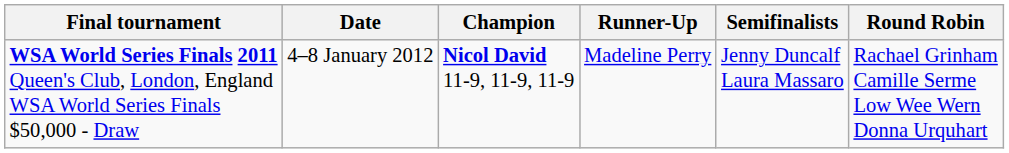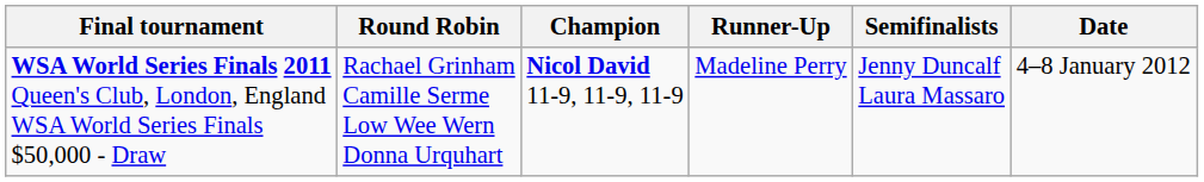 <table class="wikitable" style="font-size:88%">
 <tr>
 <th>Final tournament</th>
-<th>Date</th>
+<th>Round Robin</th>
 <th>Champion</th>
 <th>Runner-Up</th>
 <th>Semifinalists</th>
-<th>Round Robin</th>
+<th>Date</th>
 </tr>
 <tr valign=top>
 <td><strong><a href='#'>WSA World Series Finals</a> <a href='#'>2011</a></strong><br> <a href='#'>Queen's Club</a>, <a href='#'>London</a>, England<br><a href='#'>WSA World Series Finals</a><br>$50,000 - <a href='#'>Draw</a></td>
-<td>4–8 January 2012</td>
+<td> <a href='#'>Rachael Grinham</a><br> <a href='#'>Camille Serme</a><br> <a href='#'>Low Wee Wern</a><br> <a href='#'>Donna Urquhart</a></td>
 <td> <strong><a href='#'>Nicol David</a></strong><br>11-9, 11-9, 11-9</td>
 <td> <a href='#'>Madeline Perry</a></td>
 <td> <a href='#'>Jenny Duncalf</a><br> <a href='#'>Laura Massaro</a></td>
-<td> <a href='#'>Rachael Grinham</a><br> <a href='#'>Camille Serme</a><br> <a href='#'>Low Wee Wern</a><br> <a href='#'>Donna Urquhart</a></td>
+<td>4–8 January 2012</td>
 </tr>
 </table>
